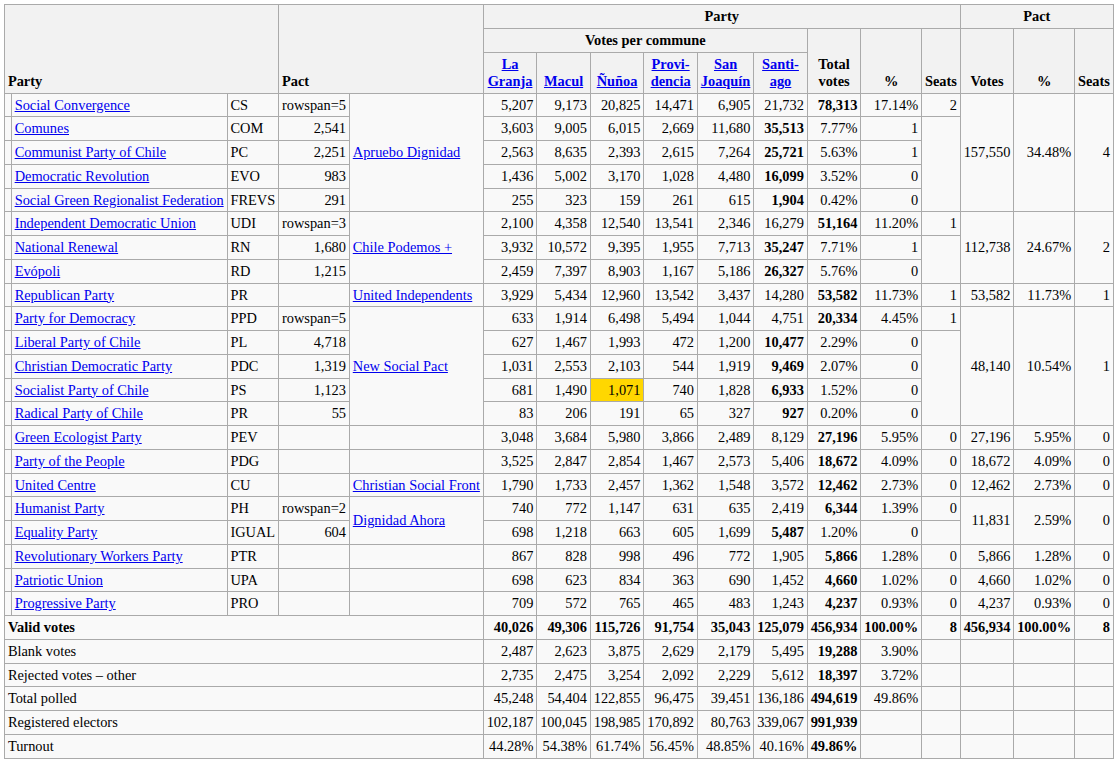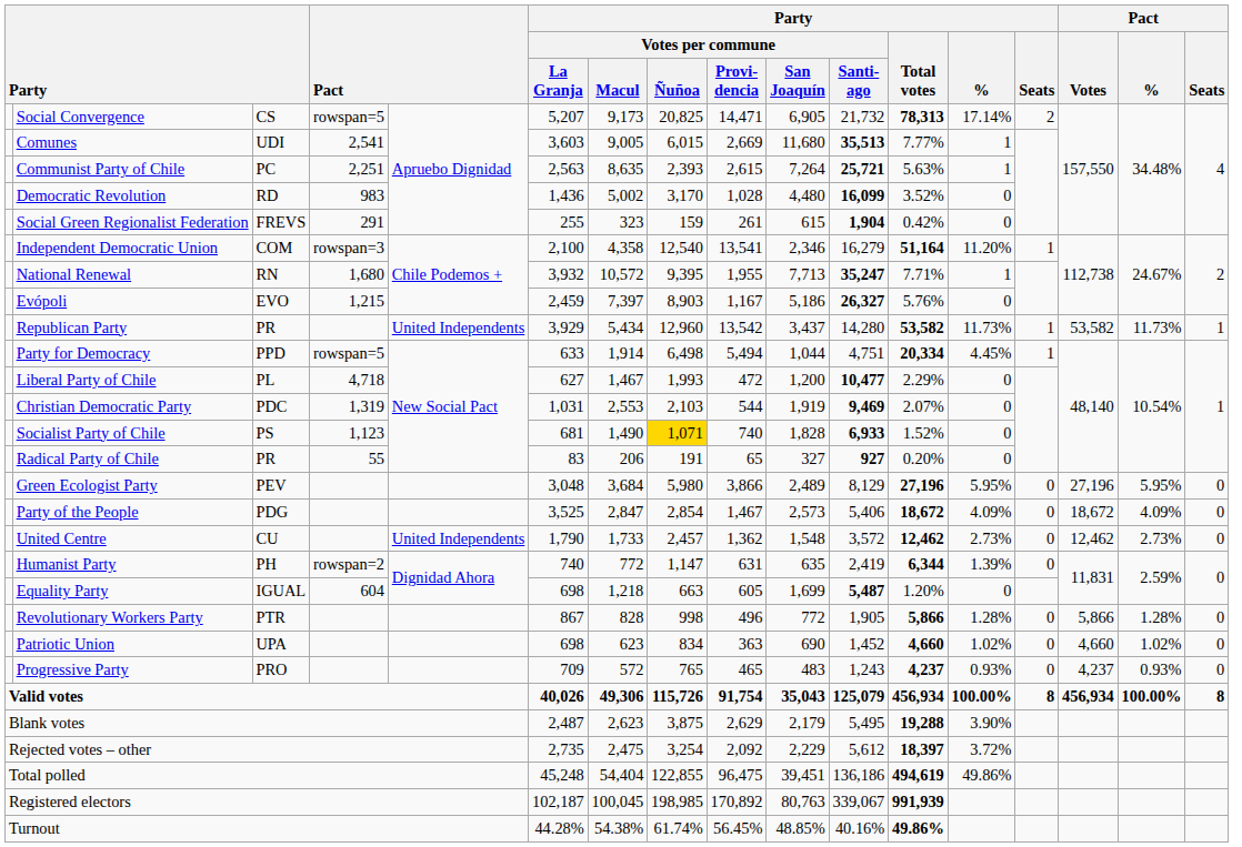 <table class="wikitable" border="1" style="font-size:90%; text-align:right; white-space: nowrap;">
 <tr>
 <th style="text-align:left;" valign=bottom rowspan=3 colspan=3>Party</th>
 <th style="text-align:left;" valign=bottom rowspan=3 colspan=2>Pact</th>
 <th colspan=9>Party</th>
 <th colspan=3>Pact</th>
 </tr>
 <tr>
 <th colspan=6>Votes per commune</th>
 <th align=center valign=bottom rowspan=2 width="40">Total<br>votes</th>
 <th align=center valign=bottom rowspan=2 width="40">%</th>
 <th align=center valign=bottom rowspan=2>Seats</th>
 <th align=center valign=bottom rowspan=2 width="40">Votes</th>
 <th align=center valign=bottom rowspan=2 width="40">%</th>
 <th align=center valign=bottom rowspan=2>Seats</th>
 </tr>
 <tr>
 <th align=center valign=bottom width="40"><a href='#'>La<br>Granja</a></th>
 <th align=center valign=bottom width="40"><a href='#'>Macul</a></th>
 <th align=center valign=bottom width="40"><a href='#'>Ñuñoa</a></th>
 <th align=center valign=bottom width="40"><a href='#'>Provi-<br>dencia</a></th>
 <th align=center valign=bottom width="40"><a href='#'>San<br>Joaquín</a></th>
 <th align=center valign=bottom width="40"><a href='#'>Santi-<br>ago</a></th>
 </tr>
 <tr>
 <td></td>
 <td align=left><a href='#'>Social Convergence</a></td>
 <td align=left>CS</td>
 <td>rowspan=5 </td>
 <td rowspan=5 align=left><a href='#'>Apruebo Dignidad</a></td>
 <td>5,207</td>
 <td>9,173</td>
 <td>20,825</td>
 <td>14,471</td>
 <td>6,905</td>
 <td>21,732</td>
 <td><strong>78,313</strong></td>
 <td>17.14%</td>
 <td>2</td>
 <td rowspan=5>157,550</td>
 <td rowspan=5>34.48%</td>
 <td rowspan=5>4</td>
 </tr>
 <tr>
 <td></td>
 <td align=left><a href='#'>Comunes</a></td>
-<td align=left>COM</td>
+<td align=left>UDI</td>
 <td>2,541</td>
 <td>3,603</td>
 <td>9,005</td>
 <td>6,015</td>
 <td>2,669</td>
 <td>11,680</td>
 <td><strong>35,513</strong></td>
 <td>7.77%</td>
 <td>1</td>
 </tr>
 <tr>
 <td></td>
 <td align=left><a href='#'>Communist Party of Chile</a></td>
 <td align=left>PC</td>
 <td>2,251</td>
 <td>2,563</td>
 <td>8,635</td>
 <td>2,393</td>
 <td>2,615</td>
 <td>7,264</td>
 <td><strong>25,721</strong></td>
 <td>5.63%</td>
 <td>1</td>
 </tr>
 <tr>
 <td></td>
 <td align=left><a href='#'>Democratic Revolution</a></td>
-<td align=left>EVO</td>
+<td align=left>RD</td>
 <td>983</td>
 <td>1,436</td>
 <td>5,002</td>
 <td>3,170</td>
 <td>1,028</td>
 <td>4,480</td>
 <td><strong>16,099</strong></td>
 <td>3.52%</td>
 <td>0</td>
 </tr>
 <tr>
 <td></td>
 <td align=left><a href='#'>Social Green Regionalist Federation</a></td>
 <td align=left>FREVS</td>
 <td>291</td>
 <td>255</td>
 <td>323</td>
 <td>159</td>
 <td>261</td>
 <td>615</td>
 <td><strong>1,904</strong></td>
 <td>0.42%</td>
 <td>0</td>
 </tr>
 <tr>
 <td></td>
 <td align=left><a href='#'>Independent Democratic Union</a></td>
-<td align=left>UDI</td>
+<td align=left>COM</td>
 <td>rowspan=3 </td>
 <td rowspan=3 align=left><a href='#'>Chile Podemos +</a></td>
 <td>2,100</td>
 <td>4,358</td>
 <td>12,540</td>
 <td>13,541</td>
 <td>2,346</td>
 <td>16,279</td>
 <td><strong>51,164</strong></td>
 <td>11.20%</td>
 <td>1</td>
 <td rowspan=3>112,738</td>
 <td rowspan=3>24.67%</td>
 <td rowspan=3>2</td>
 </tr>
 <tr>
 <td></td>
 <td align=left><a href='#'>National Renewal</a></td>
 <td align=left>RN</td>
 <td>1,680</td>
 <td>3,932</td>
 <td>10,572</td>
 <td>9,395</td>
 <td>1,955</td>
 <td>7,713</td>
 <td><strong>35,247</strong></td>
 <td>7.71%</td>
 <td>1</td>
 </tr>
 <tr>
 <td></td>
 <td align=left><a href='#'>Evópoli</a></td>
-<td align=left>RD</td>
+<td align=left>EVO</td>
 <td>1,215</td>
 <td>2,459</td>
 <td>7,397</td>
 <td>8,903</td>
 <td>1,167</td>
 <td>5,186</td>
 <td><strong>26,327</strong></td>
 <td>5.76%</td>
 <td>0</td>
 </tr>
 <tr>
 <td></td>
 <td align=left><a href='#'>Republican Party</a></td>
 <td align=left>PR</td>
 <td></td>
 <td align=left><a href='#'>United Independents</a></td>
 <td>3,929</td>
 <td>5,434</td>
 <td>12,960</td>
 <td>13,542</td>
 <td>3,437</td>
 <td>14,280</td>
 <td><strong>53,582</strong></td>
 <td>11.73%</td>
 <td>1</td>
 <td>53,582</td>
 <td>11.73%</td>
 <td>1</td>
 </tr>
 <tr>
 <td></td>
 <td align=left><a href='#'>Party for Democracy</a></td>
 <td align=left>PPD</td>
 <td>rowspan=5 </td>
 <td rowspan=5 align=left><a href='#'>New Social Pact</a></td>
 <td>633</td>
 <td>1,914</td>
 <td>6,498</td>
 <td>5,494</td>
 <td>1,044</td>
 <td>4,751</td>
 <td><strong>20,334</strong></td>
 <td>4.45%</td>
 <td>1</td>
 <td rowspan=5>48,140</td>
 <td rowspan=5>10.54%</td>
 <td rowspan=5>1</td>
 </tr>
 <tr>
 <td></td>
 <td align=left><a href='#'>Liberal Party of Chile</a></td>
 <td align=left>PL</td>
 <td>4,718</td>
 <td>627</td>
 <td>1,467</td>
 <td>1,993</td>
 <td>472</td>
 <td>1,200</td>
 <td><strong>10,477</strong></td>
 <td>2.29%</td>
 <td>0</td>
 </tr>
 <tr>
 <td></td>
 <td align=left><a href='#'>Christian Democratic Party</a></td>
 <td align=left>PDC</td>
 <td>1,319</td>
 <td>1,031</td>
 <td>2,553</td>
 <td>2,103</td>
 <td>544</td>
 <td>1,919</td>
 <td><strong>9,469</strong></td>
 <td>2.07%</td>
 <td>0</td>
 </tr>
 <tr>
 <td></td>
 <td align=left><a href='#'>Socialist Party of Chile</a></td>
 <td align=left>PS</td>
 <td>1,123</td>
 <td>681</td>
 <td>1,490</td>
 <td style="background: gold;">1,071</td>
 <td>740</td>
 <td>1,828</td>
 <td><strong>6,933</strong></td>
 <td>1.52%</td>
 <td>0</td>
 </tr>
 <tr>
 <td></td>
 <td align=left><a href='#'>Radical Party of Chile</a></td>
 <td align=left>PR</td>
 <td>55</td>
 <td>83</td>
 <td>206</td>
 <td>191</td>
 <td>65</td>
 <td>327</td>
 <td><strong>927</strong></td>
 <td>0.20%</td>
 <td>0</td>
 </tr>
 <tr>
 <td></td>
 <td align=left><a href='#'>Green Ecologist Party</a></td>
 <td align=left>PEV</td>
 <td></td>
 <td></td>
 <td>3,048</td>
 <td>3,684</td>
 <td>5,980</td>
 <td>3,866</td>
 <td>2,489</td>
 <td>8,129</td>
 <td><strong>27,196</strong></td>
 <td>5.95%</td>
 <td>0</td>
 <td>27,196</td>
 <td>5.95%</td>
 <td>0</td>
 </tr>
 <tr>
 <td></td>
 <td align=left><a href='#'>Party of the People</a></td>
 <td align=left>PDG</td>
 <td></td>
 <td></td>
 <td>3,525</td>
 <td>2,847</td>
 <td>2,854</td>
 <td>1,467</td>
 <td>2,573</td>
 <td>5,406</td>
 <td><strong>18,672</strong></td>
 <td>4.09%</td>
 <td>0</td>
 <td>18,672</td>
 <td>4.09%</td>
 <td>0</td>
 </tr>
 <tr>
 <td></td>
 <td align=left><a href='#'>United Centre</a></td>
 <td align=left>CU</td>
 <td></td>
-<td align=left><a href='#'>Christian Social Front</a></td>
+<td align=left><a href='#'>United Independents</a></td>
 <td>1,790</td>
 <td>1,733</td>
 <td>2,457</td>
 <td>1,362</td>
 <td>1,548</td>
 <td>3,572</td>
 <td><strong>12,462</strong></td>
 <td>2.73%</td>
 <td>0</td>
 <td>12,462</td>
 <td>2.73%</td>
 <td>0</td>
 </tr>
 <tr>
 <td></td>
 <td align=left><a href='#'>Humanist Party</a></td>
 <td align=left>PH</td>
 <td>rowspan=2 </td>
 <td rowspan=2 align=left><a href='#'>Dignidad Ahora</a></td>
 <td>740</td>
 <td>772</td>
 <td>1,147</td>
 <td>631</td>
 <td>635</td>
 <td>2,419</td>
 <td><strong>6,344</strong></td>
 <td>1.39%</td>
 <td>0</td>
 <td rowspan=2>11,831</td>
 <td rowspan=2>2.59%</td>
 <td rowspan=2>0</td>
 </tr>
 <tr>
 <td></td>
 <td align=left><a href='#'>Equality Party</a></td>
 <td align=left>IGUAL</td>
 <td>604</td>
 <td>698</td>
 <td>1,218</td>
 <td>663</td>
 <td>605</td>
 <td>1,699</td>
 <td><strong>5,487</strong></td>
 <td>1.20%</td>
 <td>0</td>
 </tr>
 <tr>
 <td></td>
 <td align=left><a href='#'>Revolutionary Workers Party</a></td>
 <td align=left>PTR</td>
 <td></td>
 <td></td>
 <td>867</td>
 <td>828</td>
 <td>998</td>
 <td>496</td>
 <td>772</td>
 <td>1,905</td>
 <td><strong>5,866</strong></td>
 <td>1.28%</td>
 <td>0</td>
 <td>5,866</td>
 <td>1.28%</td>
 <td>0</td>
 </tr>
 <tr>
 <td></td>
 <td align=left><a href='#'>Patriotic Union</a></td>
 <td align=left>UPA</td>
 <td></td>
 <td></td>
 <td>698</td>
 <td>623</td>
 <td>834</td>
 <td>363</td>
 <td>690</td>
 <td>1,452</td>
 <td><strong>4,660</strong></td>
 <td>1.02%</td>
 <td>0</td>
 <td>4,660</td>
 <td>1.02%</td>
 <td>0</td>
 </tr>
 <tr>
 <td></td>
 <td align=left><a href='#'>Progressive Party</a></td>
 <td align=left>PRO</td>
 <td></td>
 <td></td>
 <td>709</td>
 <td>572</td>
 <td>765</td>
 <td>465</td>
 <td>483</td>
 <td>1,243</td>
 <td><strong>4,237</strong></td>
 <td>0.93%</td>
 <td>0</td>
 <td>4,237</td>
 <td>0.93%</td>
 <td>0</td>
 </tr>
 <tr style="font-weight:bold">
 <td align=left colspan=5>Valid votes</td>
 <td>40,026</td>
 <td>49,306</td>
 <td>115,726</td>
 <td>91,754</td>
 <td>35,043</td>
 <td>125,079</td>
 <td>456,934</td>
 <td>100.00%</td>
 <td>8</td>
 <td>456,934</td>
 <td>100.00%</td>
 <td>8</td>
 </tr>
 <tr>
 <td align=left colspan=5>Blank votes</td>
 <td>2,487</td>
 <td>2,623</td>
 <td>3,875</td>
 <td>2,629</td>
 <td>2,179</td>
 <td>5,495</td>
 <td><strong>19,288</strong></td>
 <td>3.90%</td>
 <td></td>
 <td></td>
 <td></td>
 <td></td>
 </tr>
 <tr>
 <td align=left colspan=5>Rejected votes – other</td>
 <td>2,735</td>
 <td>2,475</td>
 <td>3,254</td>
 <td>2,092</td>
 <td>2,229</td>
 <td>5,612</td>
 <td><strong>18,397</strong></td>
 <td>3.72%</td>
 <td></td>
 <td></td>
 <td></td>
 <td></td>
 </tr>
 <tr>
 <td align=left colspan=5>Total polled</td>
 <td>45,248</td>
 <td>54,404</td>
 <td>122,855</td>
 <td>96,475</td>
 <td>39,451</td>
 <td>136,186</td>
 <td><strong>494,619</strong></td>
 <td>49.86%</td>
 <td></td>
 <td></td>
 <td></td>
 <td></td>
 </tr>
 <tr>
 <td align=left colspan=5>Registered electors</td>
 <td>102,187</td>
 <td>100,045</td>
 <td>198,985</td>
 <td>170,892</td>
 <td>80,763</td>
 <td>339,067</td>
 <td><strong>991,939</strong></td>
 <td></td>
 <td></td>
 <td></td>
 <td></td>
 <td></td>
 </tr>
 <tr>
 <td align=left colspan=5>Turnout</td>
 <td>44.28%</td>
 <td>54.38%</td>
 <td>61.74%</td>
 <td>56.45%</td>
 <td>48.85%</td>
 <td>40.16%</td>
 <td><strong>49.86%</strong></td>
 <td></td>
 <td></td>
 <td></td>
 <td></td>
 <td></td>
 </tr>
 </table>
